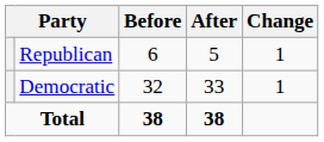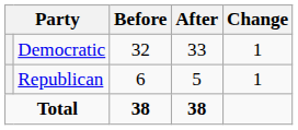 <table class="wikitable" style="text-align:center;">
 <tr>
 <th colspan="2">Party</th>
 <th>Before</th>
 <th>After</th>
 <th>Change</th>
 </tr>
 <tr>
 <th style="background-color:"></th>
-<td style="text-align:left;"><a href='#'>Republican</a></td>
-<td>6</td>
-<td>5</td>
+<td style="text-align:left;"><a href='#'>Democratic</a></td>
+<td>32</td>
+<td>33</td>
 <td> 1</td>
 </tr>
 <tr>
 <th style="background-color:"></th>
-<td style="text-align:left;"><a href='#'>Democratic</a></td>
-<td>32</td>
-<td>33</td>
+<td style="text-align:left;"><a href='#'>Republican</a></td>
+<td>6</td>
+<td>5</td>
 <td> 1</td>
 </tr>
 <tr>
 <td colspan="2"><strong>Total</strong></td>
 <td><strong>38</strong></td>
 <td><strong>38</strong></td>
 <td></td>
 </tr>
 </table>
